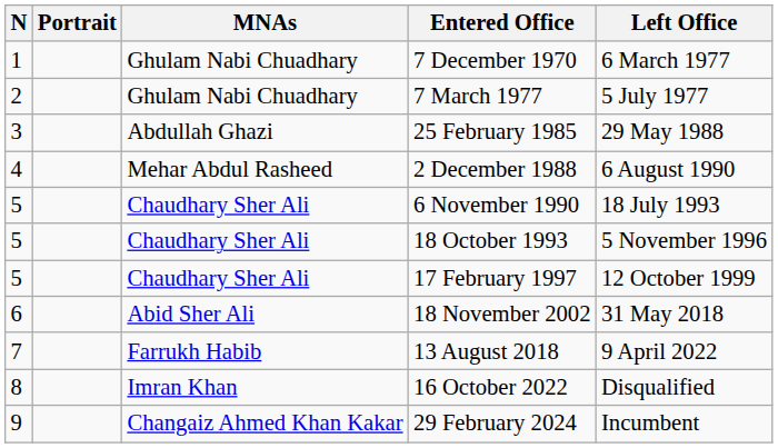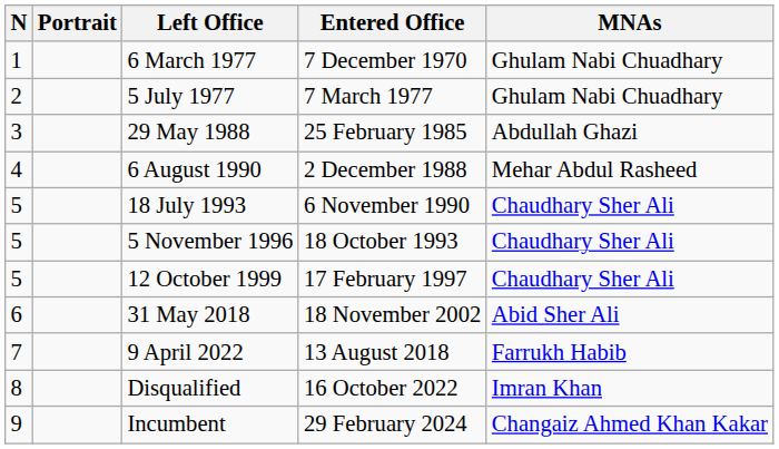 <table class="wikitable">
 <tr>
 <th>N</th>
 <th>Portrait</th>
+<th align=center>Left Office</th>
+<th align=center>Entered Office</th>
 <th align=center>MNAs</th>
-<th align=center>Entered Office</th>
-<th align=center>Left Office</th>
 </tr>
 <tr>
 <td>1</td>
 <td></td>
+<td>6 March 1977</td>
+<td>7 December 1970</td>
 <td>Ghulam Nabi Chuadhary</td>
-<td>7 December 1970</td>
-<td>6 March 1977</td>
 </tr>
 <tr>
 <td>2</td>
 <td></td>
+<td>5 July 1977</td>
+<td>7 March 1977</td>
 <td>Ghulam Nabi Chuadhary</td>
-<td>7 March 1977</td>
-<td>5 July 1977</td>
 </tr>
 <tr>
 <td>3</td>
 <td></td>
+<td>29 May 1988</td>
+<td>25 February 1985</td>
 <td>Abdullah Ghazi</td>
-<td>25 February 1985</td>
-<td>29 May 1988</td>
 </tr>
 <tr>
 <td>4</td>
 <td></td>
+<td>6 August 1990</td>
+<td>2 December 1988</td>
 <td>Mehar Abdul Rasheed</td>
-<td>2 December 1988</td>
-<td>6 August 1990</td>
 </tr>
 <tr>
 <td>5</td>
 <td></td>
+<td>18 July 1993</td>
+<td>6 November 1990</td>
 <td><a href='#'>Chaudhary Sher Ali</a></td>
-<td>6 November 1990</td>
-<td>18 July 1993</td>
 </tr>
 <tr>
 <td>5</td>
 <td></td>
+<td>5 November 1996</td>
+<td>18 October 1993</td>
 <td><a href='#'>Chaudhary Sher Ali</a></td>
-<td>18 October 1993</td>
-<td>5 November 1996</td>
 </tr>
 <tr>
 <td>5</td>
 <td></td>
+<td>12 October 1999</td>
+<td>17 February 1997</td>
 <td><a href='#'>Chaudhary Sher Ali</a></td>
-<td>17 February 1997</td>
-<td>12 October 1999</td>
 </tr>
 <tr>
 <td>6</td>
 <td></td>
+<td>31 May 2018</td>
+<td>18 November 2002</td>
 <td><a href='#'>Abid Sher Ali</a></td>
-<td>18 November 2002</td>
-<td>31 May 2018</td>
 </tr>
 <tr>
 <td>7</td>
 <td></td>
+<td>9 April 2022</td>
+<td>13 August 2018</td>
 <td><a href='#'>Farrukh Habib</a></td>
-<td>13 August 2018</td>
-<td>9 April 2022</td>
 </tr>
 <tr>
 <td>8</td>
 <td></td>
+<td>Disqualified</td>
+<td>16 October 2022</td>
 <td><a href='#'>Imran Khan</a></td>
-<td>16 October 2022</td>
-<td>Disqualified</td>
 </tr>
 <tr>
 <td>9</td>
 <td></td>
+<td>Incumbent</td>
+<td>29 February 2024</td>
 <td><a href='#'>Changaiz Ahmed Khan Kakar</a></td>
-<td>29 February 2024</td>
-<td>Incumbent</td>
 </tr>
 </table>
